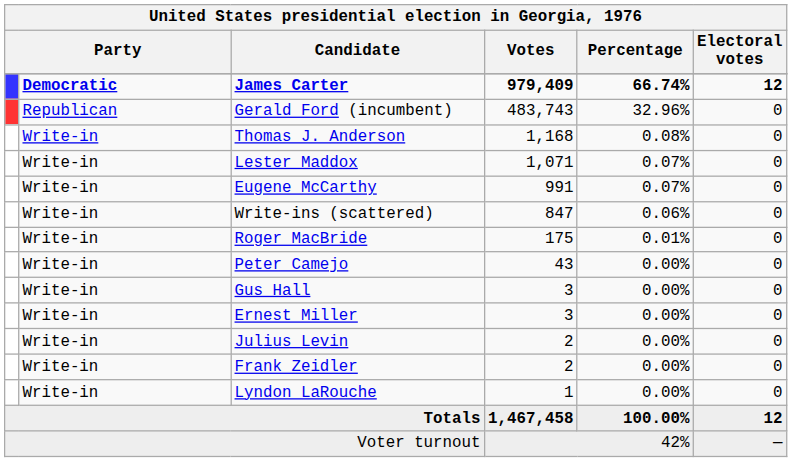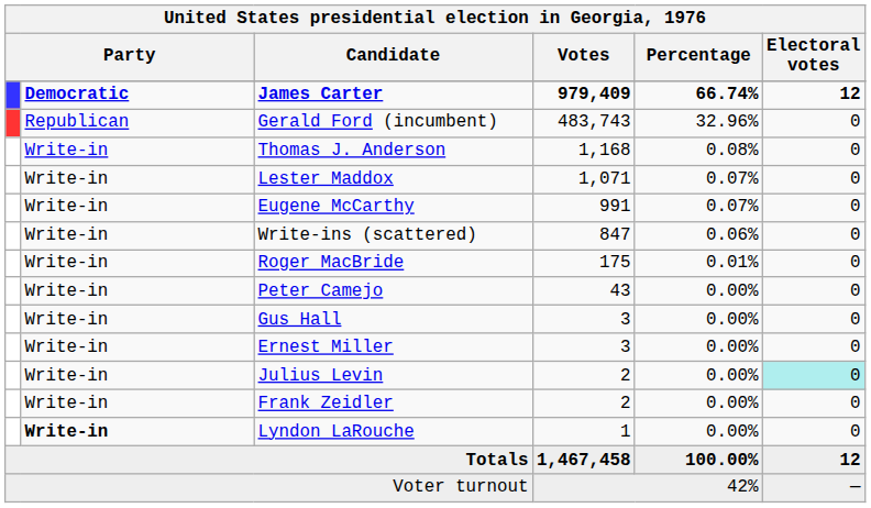 <table class="wikitable" style="font-size: 95%;">
 <tr>
 <th colspan="6">United States presidential election in Georgia, 1976</th>
 </tr>
 <tr>
 <th colspan="2" style="width: 15em">Party</th>
 <th style="width: 17em">Candidate</th>
 <th style="width: 5em">Votes</th>
 <th style="width: 7em">Percentage</th>
 <th style="width: 5em">Electoral votes</th>
 </tr>
 <tr>
 </tr>
 <tr>
 <th style="background-color:#3333FF; width: 3px"></th>
 <td style="width: 130px"><strong><a href='#'>Democratic</a></strong></td>
 <td><strong><a href='#'>James Carter</a></strong></td>
 <td align="right"><strong>979,409</strong></td>
 <td align="right"><strong>66.74%</strong></td>
 <td align="right"><strong>12</strong></td>
 </tr>
 <tr>
 <th style="background-color:#FF3333; width: 3px"></th>
 <td style="width: 130px"><a href='#'>Republican</a></td>
 <td><a href='#'>Gerald Ford</a> (incumbent)</td>
 <td align="right">483,743</td>
 <td align="right">32.96%</td>
 <td align="right">0</td>
 </tr>
 <tr>
 <th style="background-color:White; width: 3px"></th>
 <td style="width: 130px"><a href='#'>Write-in</a></td>
 <td><a href='#'>Thomas J. Anderson</a></td>
 <td align="right">1,168</td>
 <td align="right">0.08%</td>
 <td align="right">0</td>
 </tr>
 <tr>
 <th style="background-color:White; width: 3px"></th>
 <td style="width: 130px">Write-in</td>
 <td><a href='#'>Lester Maddox</a></td>
 <td align="right">1,071</td>
 <td align="right">0.07%</td>
 <td align="right">0</td>
 </tr>
 <tr>
 <th style="background-color:White; width: 3px"></th>
 <td style="width: 130px">Write-in</td>
 <td><a href='#'>Eugene McCarthy</a></td>
 <td align="right">991</td>
 <td align="right">0.07%</td>
 <td align="right">0</td>
 </tr>
 <tr>
 <th style="background-color:White; width: 3px"></th>
 <td style="width: 130px">Write-in</td>
 <td>Write-ins (scattered)</td>
 <td align="right">847</td>
 <td align="right">0.06%</td>
 <td align="right">0</td>
 </tr>
 <tr>
 <th style="background-color:White; width: 3px"></th>
 <td style="width: 130px">Write-in</td>
 <td><a href='#'>Roger MacBride</a></td>
 <td align="right">175</td>
 <td align="right">0.01%</td>
 <td align="right">0</td>
 </tr>
 <tr>
 <th style="background-color:White; width: 3px"></th>
 <td style="width: 130px">Write-in</td>
 <td><a href='#'>Peter Camejo</a></td>
 <td align="right">43</td>
 <td align="right">0.00%</td>
 <td align="right">0</td>
 </tr>
 <tr>
 <th style="background-color:White; width: 3px"></th>
 <td style="width: 130px">Write-in</td>
 <td><a href='#'>Gus Hall</a></td>
 <td align="right">3</td>
 <td align="right">0.00%</td>
 <td align="right">0</td>
 </tr>
 <tr>
 <th style="background-color:White; width: 3px"></th>
 <td style="width: 130px">Write-in</td>
 <td><a href='#'>Ernest Miller</a></td>
 <td align="right">3</td>
 <td align="right">0.00%</td>
 <td align="right">0</td>
 </tr>
 <tr>
 <th style="background-color:White; width: 3px"></th>
 <td style="width: 130px">Write-in</td>
 <td><a href='#'>Julius Levin</a></td>
 <td align="right">2</td>
 <td align="right">0.00%</td>
-<td align="right">0</td>
+<td align="right" style="background: paleturquoise;">0</td>
 </tr>
 <tr>
 <th style="background-color:White; width: 3px"></th>
 <td style="width: 130px">Write-in</td>
 <td><a href='#'>Frank Zeidler</a></td>
 <td align="right">2</td>
 <td align="right">0.00%</td>
 <td align="right">0</td>
 </tr>
 <tr>
 <th style="background-color:White; width: 3px"></th>
-<td style="width: 130px">Write-in</td>
+<td style="width: 130px"><strong>Write-in</strong></td>
 <td><a href='#'>Lyndon LaRouche</a></td>
 <td align="right">1</td>
 <td align="right">0.00%</td>
 <td align="right">0</td>
 </tr>
 <tr bgcolor="#EEEEEE">
 <td colspan="3" align="right"><strong>Totals</strong></td>
 <td align="right"><strong>1,467,458</strong></td>
 <td align="right"><strong>100.00%</strong></td>
 <td align="right"><strong>12</strong></td>
 </tr>
 <tr bgcolor="#EEEEEE">
 <td colspan="3" align="right">Voter turnout</td>
 <td colspan="2" align="right">42%</td>
 <td align="right">—</td>
 </tr>
 </table>
